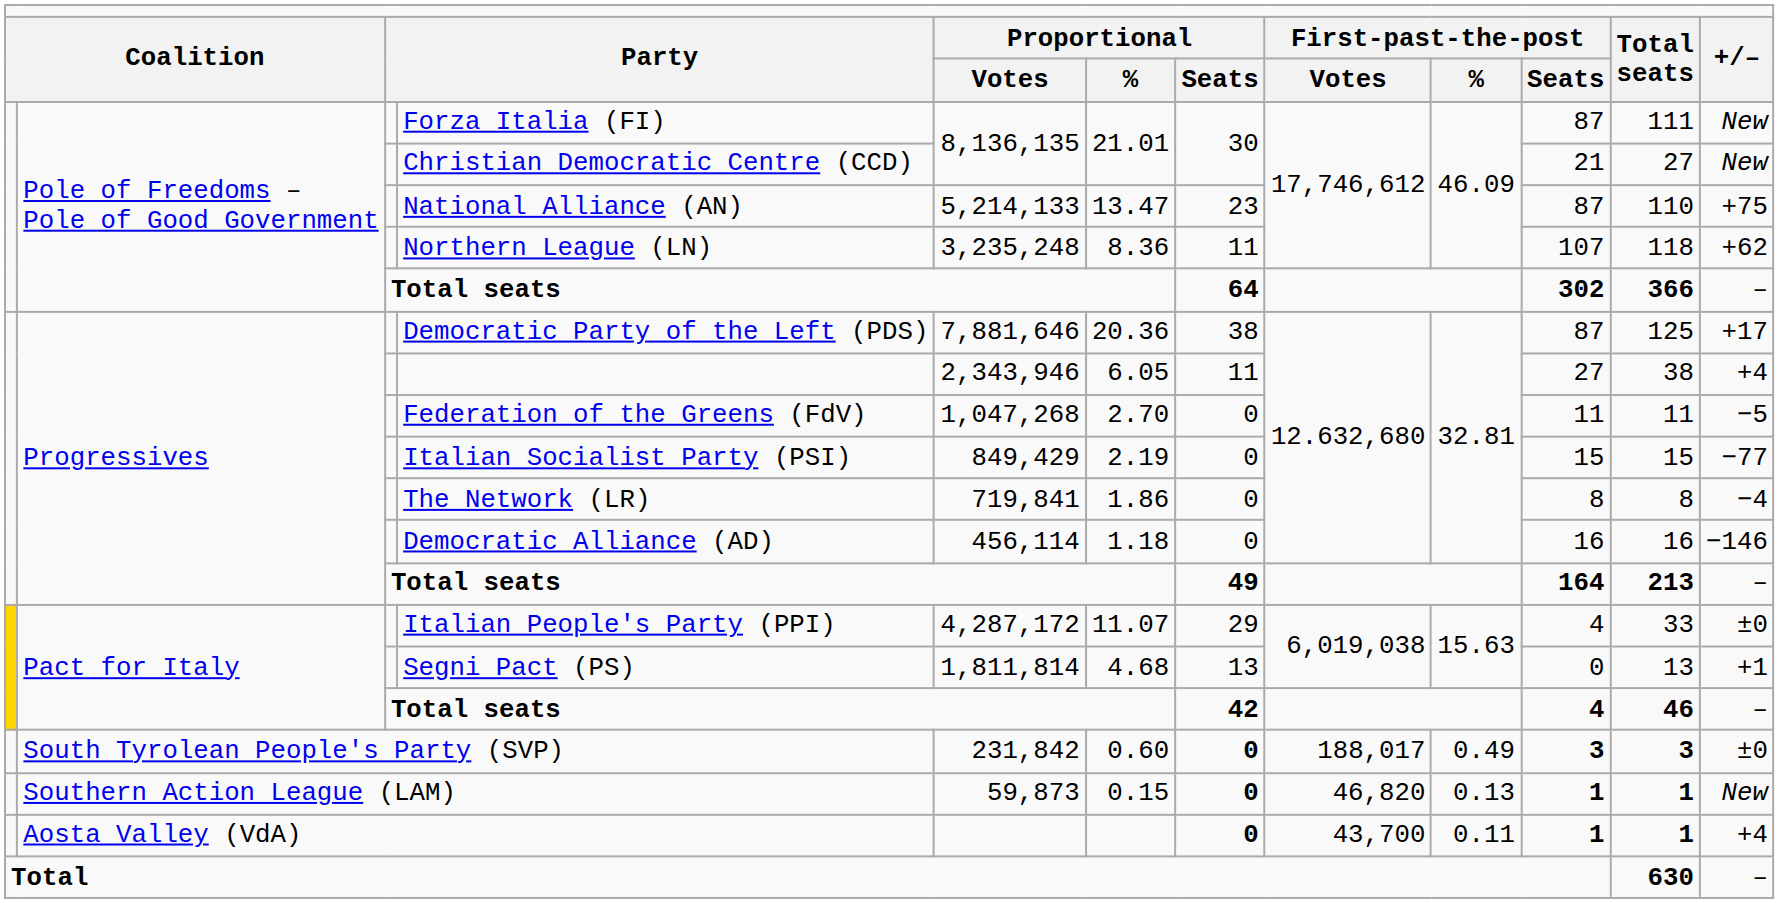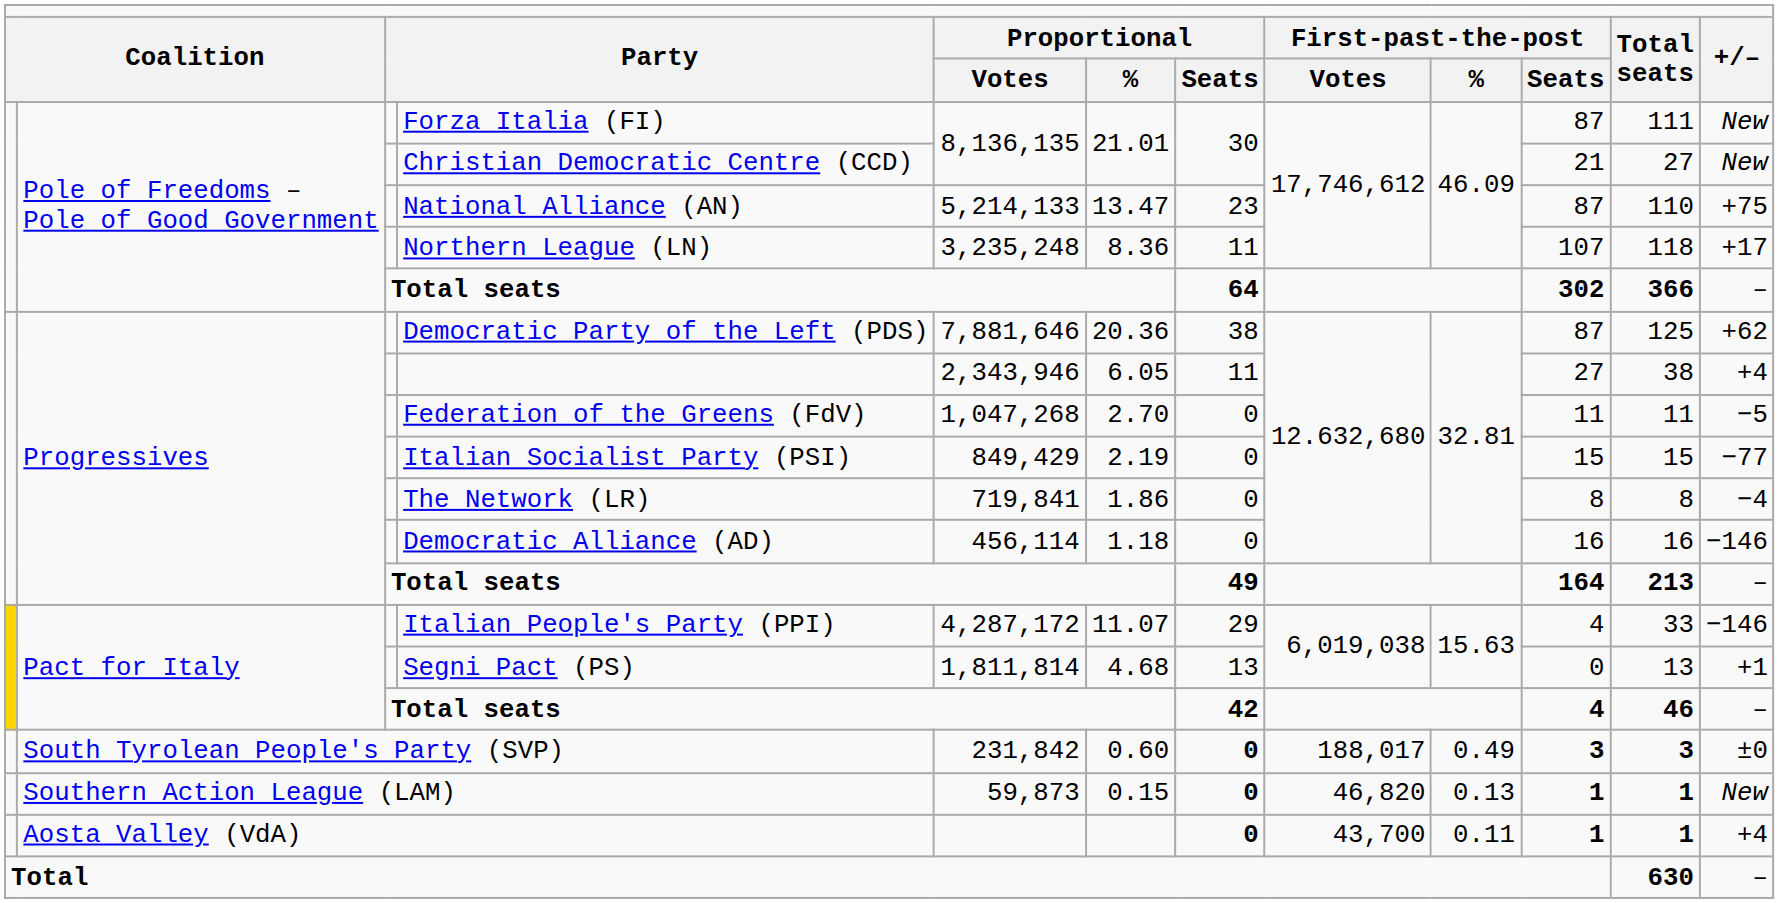 <table class="wikitable" style="text-align:right">
 <tr>
 <td colspan="12" style="text-align:center"></td>
 </tr>
 <tr>
 <th align=left colspan=2 rowspan=2>Coalition</th>
 <th colspan=2 rowspan=2>Party</th>
 <th colspan="3" align="center" valign=top>Proportional</th>
 <th colspan="3" align="center" valign=top>First-past-the-post</th>
 <th align=left rowspan=2><strong>Total <br> seats</strong></th>
 <th align=left rowspan=2>+/–</th>
 </tr>
 <tr>
 <th style="background-color:" align="center" valign=bottom>Votes</th>
 <th style="background-color:" align="center" valign=bottom>%</th>
 <th style="background-color:" align="center" valign=bottom>Seats</th>
 <th style="background-color:" align="center" valign=bottom>Votes</th>
 <th style="background-color:" align="center" valign=bottom>%</th>
 <th style="background-color:" align="center" valign=bottom>Seats</th>
 </tr>
 <tr>
 <td rowspan="5"></td>
 <td style="text-align:left;" rowspan="5"><a href='#'>Pole of Freedoms</a> –<br><a href='#'>Pole of Good Government</a></td>
 <td></td>
 <td align=left><a href='#'>Forza Italia</a> (FI)</td>
 <td rowspan="2">8,136,135</td>
 <td rowspan="2">21.01</td>
 <td rowspan="2">30</td>
 <td rowspan="4">17,746,612</td>
 <td rowspan="4">46.09</td>
 <td>87</td>
 <td>111</td>
 <td><em>New</em></td>
 </tr>
 <tr>
 <td></td>
 <td align=left><a href='#'>Christian Democratic Centre</a> (CCD)</td>
 <td>21</td>
 <td>27</td>
 <td><em>New</em></td>
 </tr>
 <tr>
 <td></td>
 <td align=left><a href='#'>National Alliance</a> (AN)</td>
 <td>5,214,133</td>
 <td>13.47</td>
 <td>23</td>
 <td>87</td>
 <td>110</td>
 <td><span>+75 </span></td>
 </tr>
 <tr>
 <td></td>
 <td align=left><a href='#'>Northern League</a> (LN)</td>
 <td>3,235,248</td>
 <td>8.36</td>
 <td>11</td>
 <td>107</td>
 <td>118</td>
-<td><span>+62</span></td>
+<td><span>+17 </span></td>
 </tr>
 <tr>
 <td colspan=4 align=left><strong>Total seats</strong></td>
 <td><strong>64</strong></td>
 <td colspan="2"></td>
 <td><strong>302</strong></td>
 <td><strong>366</strong></td>
 <td>–</td>
 </tr>
 <tr>
 <td rowspan="7" style="background:"></td>
 <td style="text-align:left;" rowspan="7"><a href='#'>Progressives</a></td>
 <td></td>
 <td align=left><a href='#'>Democratic Party of the Left</a> (PDS)</td>
 <td>7,881,646</td>
 <td>20.36</td>
 <td>38</td>
 <td rowspan="6">12.632,680</td>
 <td rowspan="6">32.81</td>
 <td>87</td>
 <td>125</td>
-<td><span>+17 </span></td>
+<td><span>+62</span></td>
 </tr>
 <tr>
 <td></td>
 <td align=left></td>
 <td>2,343,946</td>
 <td>6.05</td>
 <td>11</td>
 <td>27</td>
 <td>38</td>
 <td><span>+4 </span></td>
 </tr>
 <tr>
 <td></td>
 <td align=left><a href='#'>Federation of the Greens</a> (FdV)</td>
 <td>1,047,268</td>
 <td>2.70</td>
 <td>0</td>
 <td>11</td>
 <td>11</td>
 <td><span>−5 </span></td>
 </tr>
 <tr>
 <td></td>
 <td align=left><a href='#'>Italian Socialist Party</a> (PSI)</td>
 <td>849,429</td>
 <td>2.19</td>
 <td>0</td>
 <td>15</td>
 <td>15</td>
 <td><span>−77 </span></td>
 </tr>
 <tr>
 <td></td>
 <td align=left><a href='#'>The Network</a> (LR)</td>
 <td>719,841</td>
 <td>1.86</td>
 <td>0</td>
 <td>8</td>
 <td>8</td>
 <td><span>−4</span></td>
 </tr>
 <tr>
 <td></td>
 <td align=left><a href='#'>Democratic Alliance</a> (AD)</td>
 <td>456,114</td>
 <td>1.18</td>
 <td>0</td>
 <td>16</td>
 <td>16</td>
 <td><span>−146</span></td>
 </tr>
 <tr>
 <td colspan=4 align=left><strong>Total seats</strong></td>
 <td><strong>49</strong></td>
 <td colspan="2"></td>
 <td><strong>164</strong></td>
 <td><strong>213</strong></td>
 <td>–</td>
 </tr>
 <tr>
 <td rowspan="3" style="background:gold;"></td>
 <td style="text-align:left;" rowspan="3"><a href='#'>Pact for Italy</a></td>
 <td></td>
 <td align=left><a href='#'>Italian People's Party</a> (PPI)</td>
 <td>4,287,172</td>
 <td>11.07</td>
 <td>29</td>
 <td rowspan="2">6,019,038</td>
 <td rowspan="2">15.63</td>
 <td>4</td>
 <td>33</td>
-<td>±0</td>
+<td><span>−146</span></td>
 </tr>
 <tr>
 <td></td>
 <td align=left><a href='#'>Segni Pact</a> (PS)</td>
 <td>1,811,814</td>
 <td>4.68</td>
 <td>13</td>
 <td>0</td>
 <td>13</td>
 <td><span>+1</span></td>
 </tr>
 <tr>
 <td colspan=4 align=left><strong>Total seats</strong></td>
 <td><strong>42</strong></td>
 <td colspan="2"></td>
 <td><strong>4</strong></td>
 <td><strong>46</strong></td>
 <td>–</td>
 </tr>
 <tr>
 <td></td>
 <td colspan="3" align=left><a href='#'>South Tyrolean People's Party</a> (SVP)</td>
 <td>231,842</td>
 <td>0.60</td>
 <td><strong>0</strong></td>
 <td>188,017</td>
 <td>0.49</td>
 <td><strong>3</strong></td>
 <td><strong>3</strong></td>
 <td>±0</td>
 </tr>
 <tr>
 <td></td>
 <td colspan="3" align=left><a href='#'>Southern Action League</a> (LAM)</td>
 <td>59,873</td>
 <td>0.15</td>
 <td><strong>0</strong></td>
 <td>46,820</td>
 <td>0.13</td>
 <td><strong>1</strong></td>
 <td><strong>1</strong></td>
 <td><em>New</em></td>
 </tr>
 <tr>
 <td></td>
 <td colspan="3" align=left><a href='#'>Aosta Valley</a> (VdA)</td>
 <td></td>
 <td></td>
 <td><strong>0</strong></td>
 <td>43,700</td>
 <td>0.11</td>
 <td><strong>1</strong></td>
 <td><strong>1</strong></td>
 <td><span>+4 </span></td>
 </tr>
 <tr>
 <td colspan=10 align=left><strong>Total</strong></td>
 <td><strong>630</strong></td>
 <td>–</td>
 </tr>
 </table>
